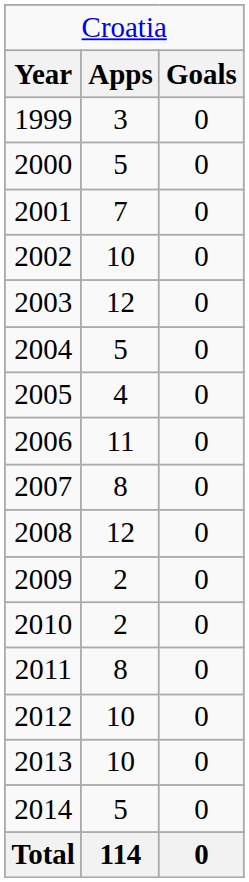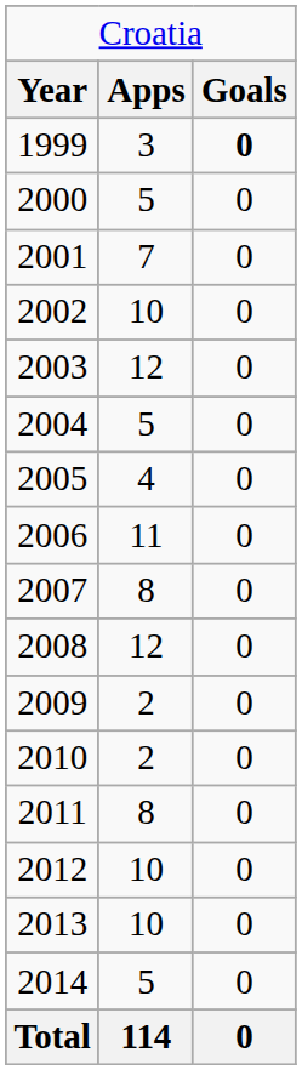 <table class="wikitable" style="text-align:center">
 <tr>
 <td colspan="3"><a href='#'>Croatia</a></td>
 </tr>
 <tr>
 <th>Year</th>
 <th>Apps</th>
 <th>Goals</th>
 </tr>
 <tr>
 <td>1999</td>
 <td>3</td>
-<td>0</td>
+<td><strong>0</strong></td>
 </tr>
 <tr>
 <td>2000</td>
 <td>5</td>
 <td>0</td>
 </tr>
 <tr>
 <td>2001</td>
 <td>7</td>
 <td>0</td>
 </tr>
 <tr>
 <td>2002</td>
 <td>10</td>
 <td>0</td>
 </tr>
 <tr>
 <td>2003</td>
 <td>12</td>
 <td>0</td>
 </tr>
 <tr>
 <td>2004</td>
 <td>5</td>
 <td>0</td>
 </tr>
 <tr>
 <td>2005</td>
 <td>4</td>
 <td>0</td>
 </tr>
 <tr>
 <td>2006</td>
 <td>11</td>
 <td>0</td>
 </tr>
 <tr>
 <td>2007</td>
 <td>8</td>
 <td>0</td>
 </tr>
 <tr>
 <td>2008</td>
 <td>12</td>
 <td>0</td>
 </tr>
 <tr>
 <td>2009</td>
 <td>2</td>
 <td>0</td>
 </tr>
 <tr>
 <td>2010</td>
 <td>2</td>
 <td>0</td>
 </tr>
 <tr>
 <td>2011</td>
 <td>8</td>
 <td>0</td>
 </tr>
 <tr>
 <td>2012</td>
 <td>10</td>
 <td>0</td>
 </tr>
 <tr>
 <td>2013</td>
 <td>10</td>
 <td>0</td>
 </tr>
 <tr>
 <td>2014</td>
 <td>5</td>
 <td>0</td>
 </tr>
 <tr>
 <th>Total</th>
 <th>114</th>
 <th>0</th>
 </tr>
 </table>
